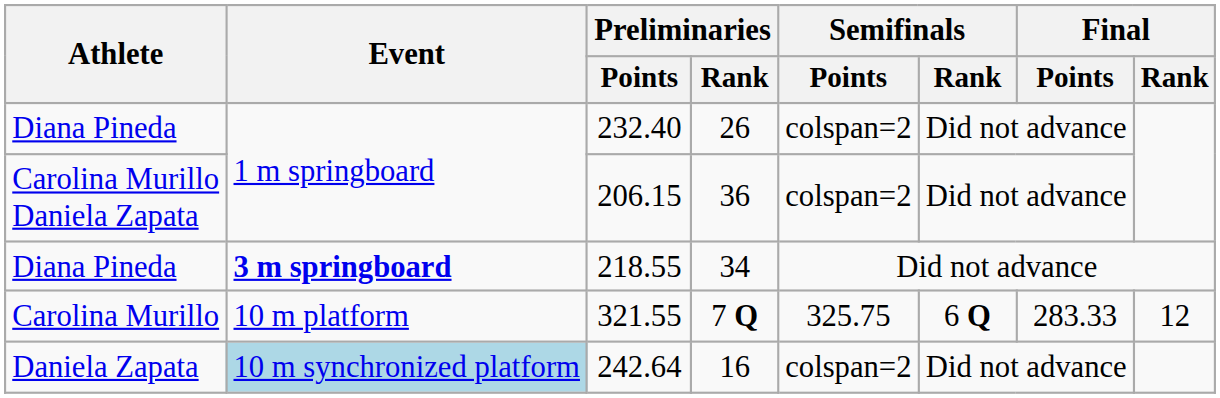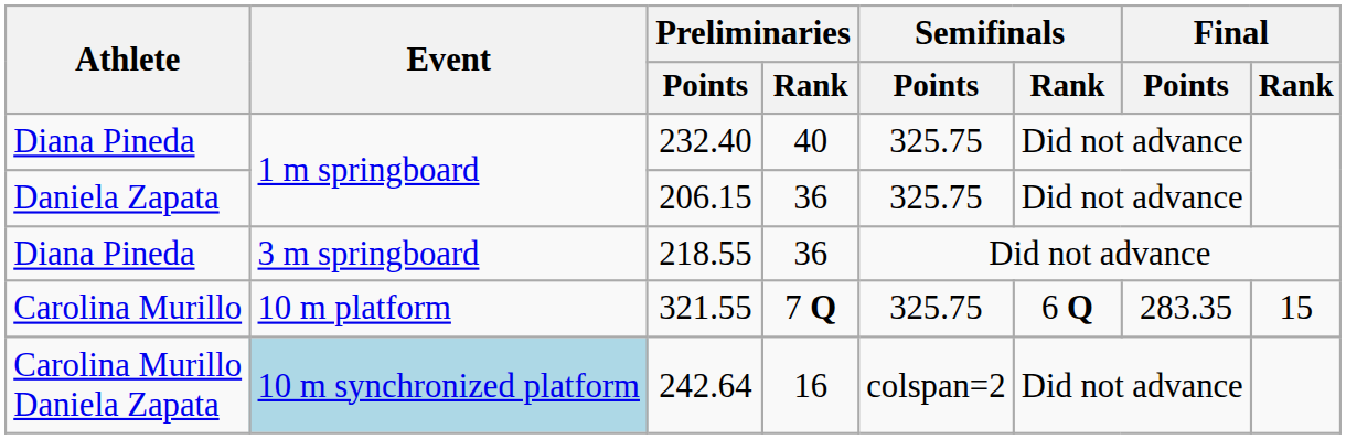 <table class=wikitable style="font-size:90%;">
 <tr>
 <th rowspan="2">Athlete</th>
 <th rowspan="2">Event</th>
 <th colspan="2">Preliminaries</th>
 <th colspan="2">Semifinals</th>
 <th colspan="2">Final</th>
 </tr>
 <tr style="font-size:95%">
 <th>Points</th>
 <th>Rank</th>
 <th>Points</th>
 <th>Rank</th>
 <th>Points</th>
 <th>Rank</th>
 </tr>
 <tr align=center>
 <td align=left><a href='#'>Diana Pineda</a></td>
 <td align=left rowspan=2><a href='#'>1 m springboard</a></td>
 <td>232.40</td>
-<td>26</td>
-<td>colspan=2 </td>
+<td>40</td>
+<td>325.75</td>
 <td colspan=2>Did not advance</td>
 </tr>
 <tr align=center>
-<td align=left><a href='#'>Carolina Murillo</a><br><a href='#'>Daniela Zapata</a></td>
+<td align=left><a href='#'>Daniela Zapata</a></td>
 <td>206.15</td>
 <td>36</td>
-<td>colspan=2 </td>
+<td>325.75</td>
 <td colspan=2>Did not advance</td>
 </tr>
 <tr align=center>
 <td align=left><a href='#'>Diana Pineda</a></td>
-<td align=left><strong><a href='#'>3 m springboard</a></strong></td>
+<td align=left><a href='#'>3 m springboard</a></td>
 <td>218.55</td>
-<td>34</td>
+<td>36</td>
 <td colspan=4>Did not advance</td>
 </tr>
 <tr align=center>
 <td align=left><a href='#'>Carolina Murillo</a></td>
 <td align=left><a href='#'>10 m platform</a></td>
 <td>321.55</td>
 <td>7 <strong>Q</strong></td>
 <td>325.75</td>
 <td>6 <strong>Q</strong></td>
-<td>283.33</td>
-<td>12</td>
+<td>283.35</td>
+<td>15</td>
 </tr>
 <tr align=center>
-<td align=left><a href='#'>Daniela Zapata</a></td>
+<td align=left><a href='#'>Carolina Murillo</a><br><a href='#'>Daniela Zapata</a></td>
 <td align=left style="background: lightblue;"><a href='#'>10 m synchronized platform</a></td>
 <td>242.64</td>
 <td>16</td>
 <td>colspan=2 </td>
 <td colspan=2>Did not advance</td>
 </tr>
 </table>
